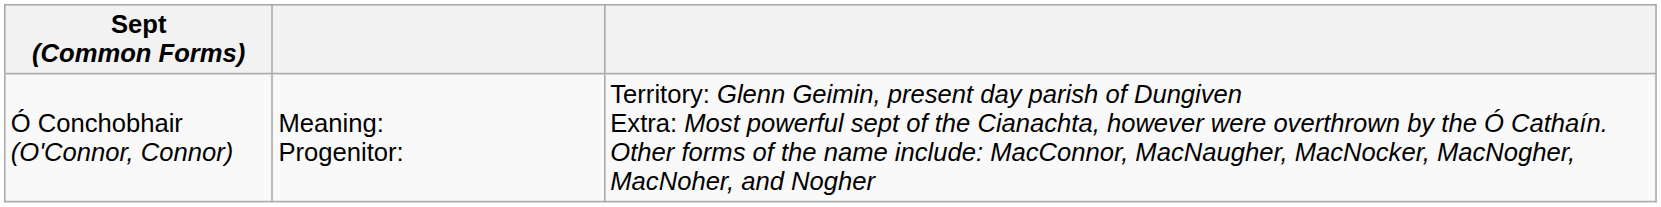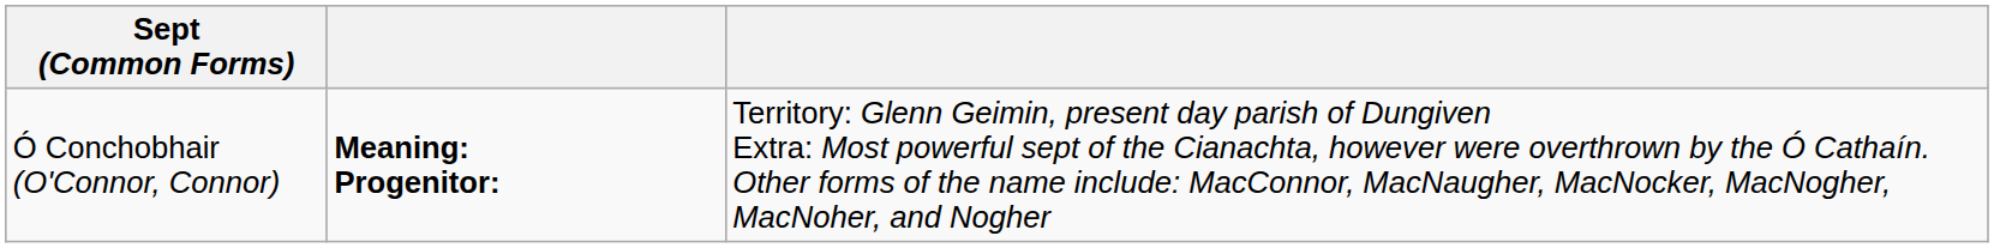 <table class="wikitable">
 <tr>
 <th width="160"><strong>Sept</strong><br><strong><em>(Common Forms)</em></strong></th>
 <th width="200"></th>
 <th width="650"></th>
 </tr>
 <tr>
 <td>Ó Conchobhair<br><em>(O'Connor, Connor)</em></td>
-<td>Meaning:<br>Progenitor:</td>
+<td><strong>Meaning:<br>Progenitor:</strong></td>
 <td>Territory: <em>Glenn Geimin, present day parish of Dungiven</em><br>Extra: <em>Most powerful sept of the Cianachta, however were overthrown by the Ó Cathaín. Other forms of the name include: MacConnor, MacNaugher, MacNocker, MacNogher, MacNoher, and Nogher</em></td>
 </tr>
 </table>
